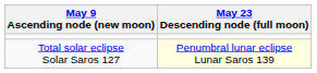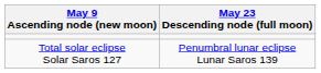 <table class="wikitable">
 <tr>
 <th><a href='#'>May 9</a><br>Ascending node (new moon)</th>
 <th><a href='#'>May 23</a><br>Descending node (full moon)</th>
 </tr>
 <tr>
 <td></td>
 <td></td>
 </tr>
 <tr align=center>
 <td><a href='#'>Total solar eclipse</a><br>Solar Saros 127</td>
-<td style="background: lightyellow;"><a href='#'>Penumbral lunar eclipse</a><br>Lunar Saros 139</td>
+<td><a href='#'>Penumbral lunar eclipse</a><br>Lunar Saros 139</td>
 </tr>
 </table>
